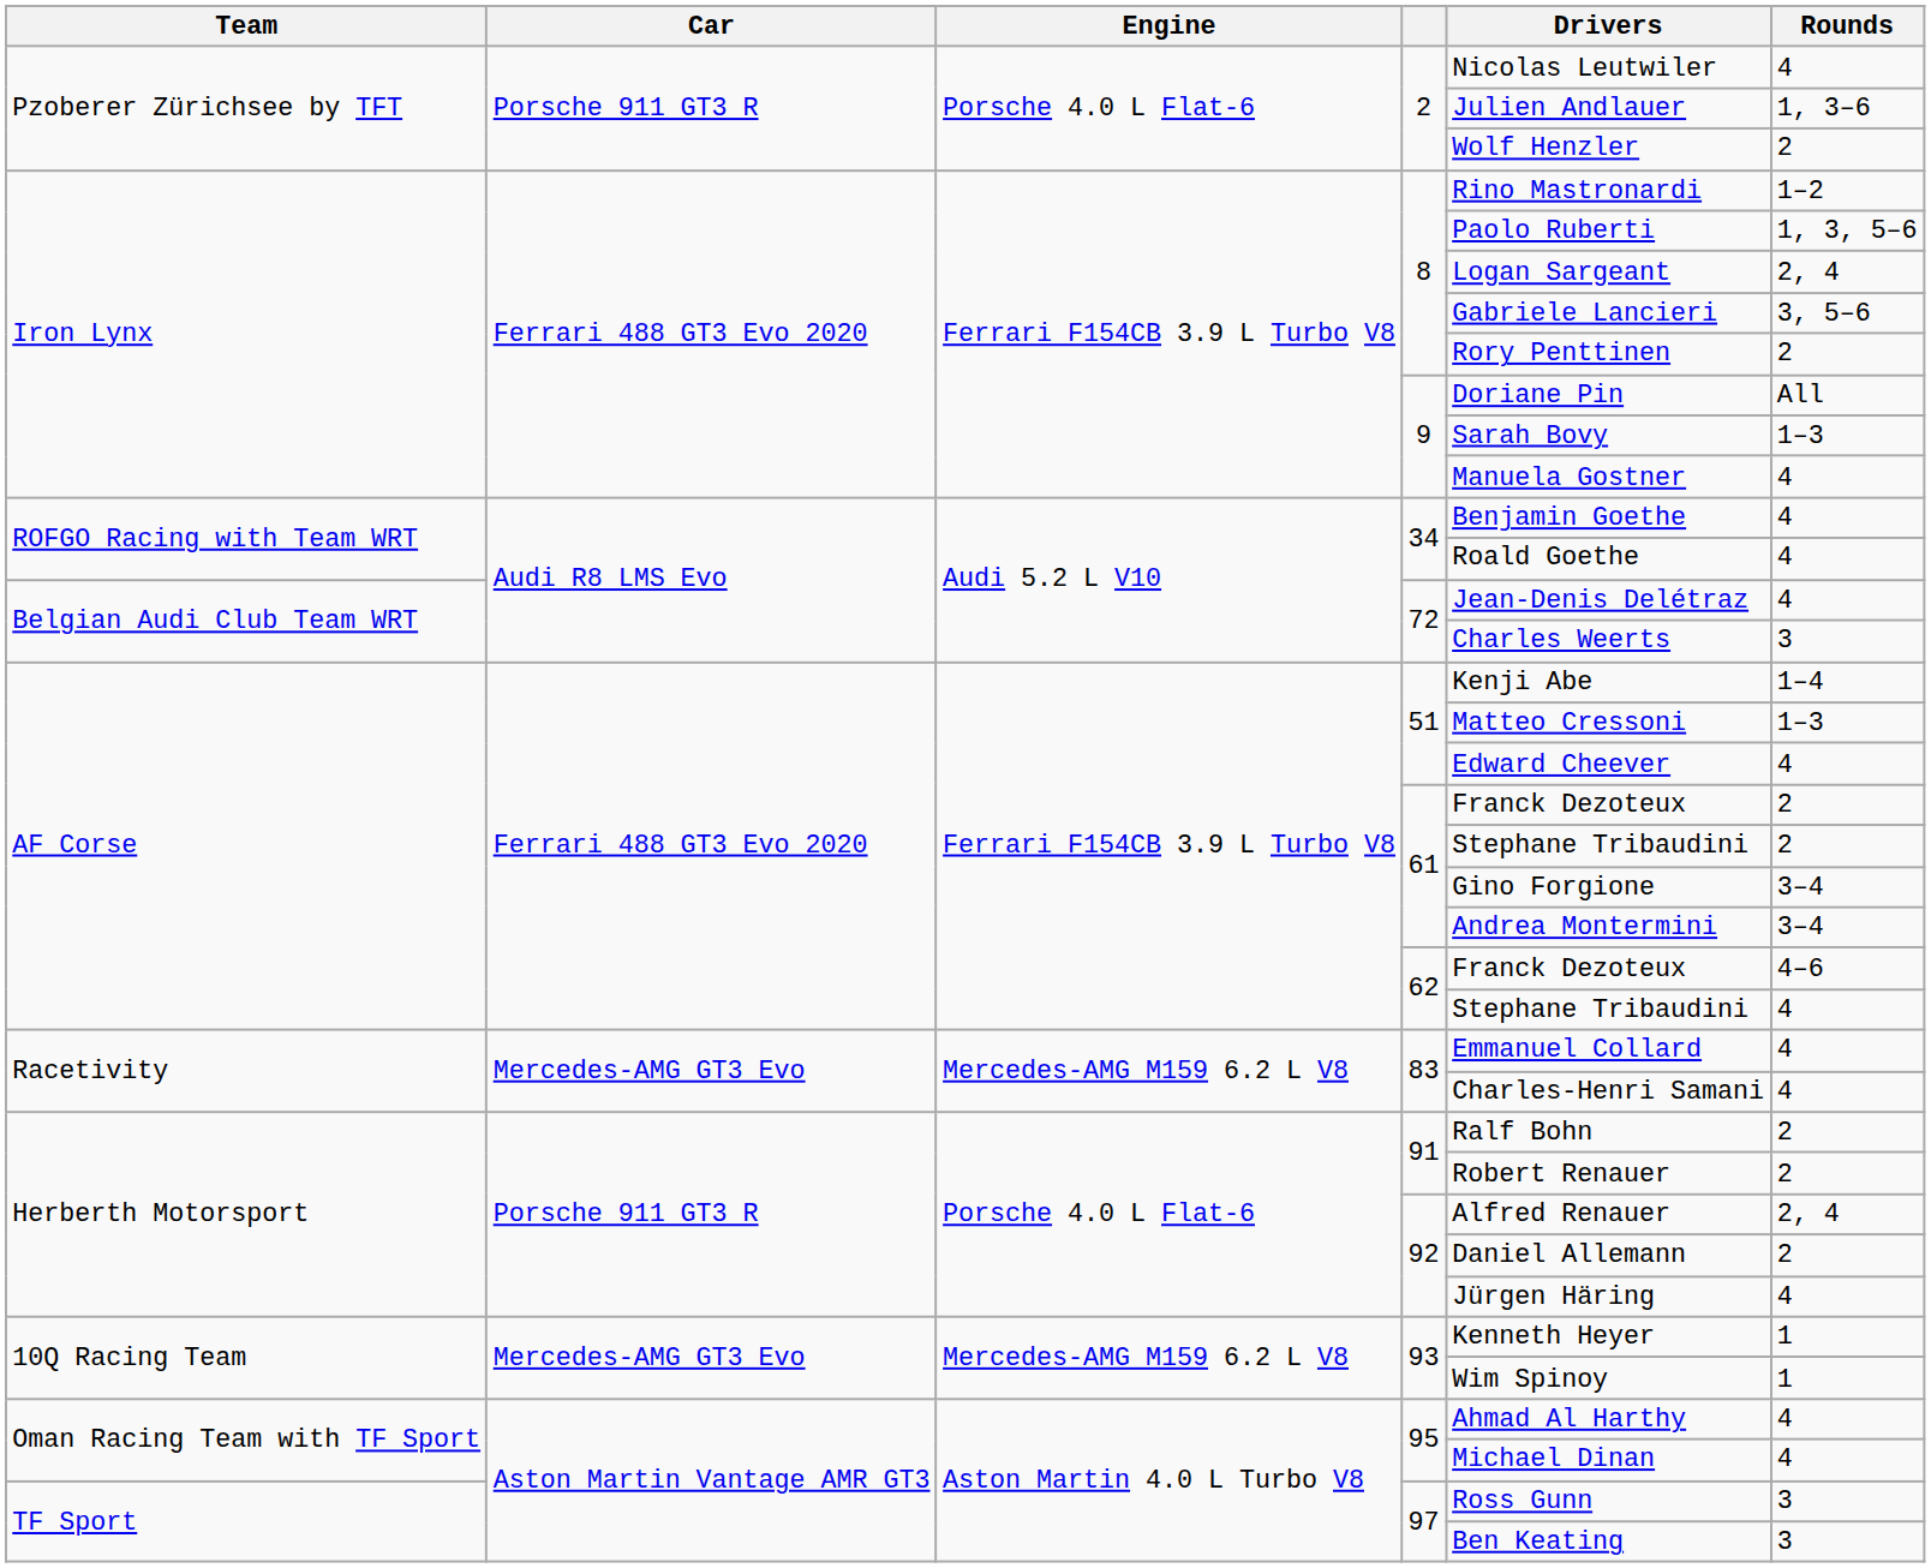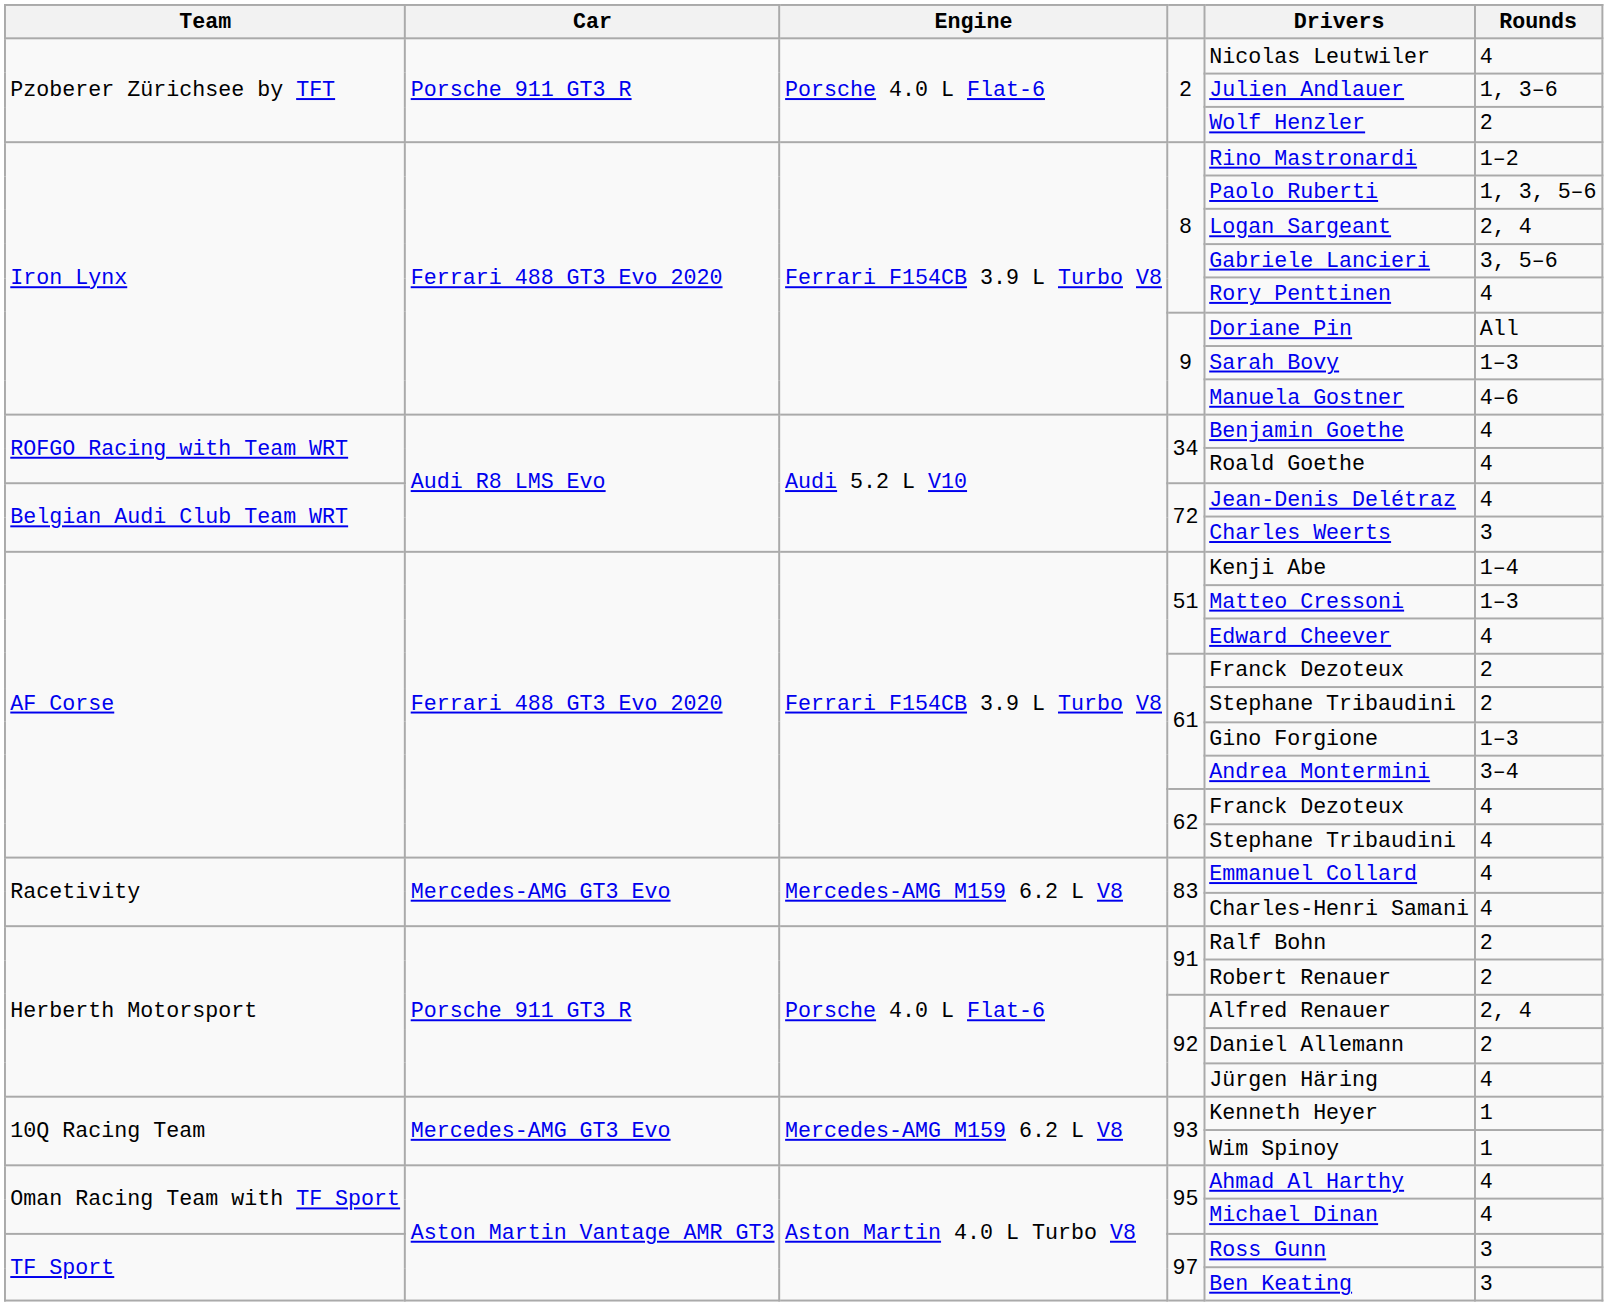 <table class="wikitable" style="font-size:85%;">
 <tr>
 <th>Team</th>
 <th>Car</th>
 <th>Engine</th>
 <th></th>
 <th>Drivers</th>
 <th>Rounds</th>
 </tr>
 <tr>
 <td rowspan="3"> Pzoberer Zürichsee by <a href='#'>TFT</a></td>
 <td rowspan="3"><a href='#'>Porsche 911 GT3 R</a></td>
 <td rowspan="3"><a href='#'>Porsche</a> 4.0 L <a href='#'>Flat-6</a></td>
 <td rowspan="3" align=center>2</td>
 <td> Nicolas Leutwiler</td>
 <td>4</td>
 </tr>
 <tr>
 <td> <a href='#'>Julien Andlauer</a></td>
 <td>1, 3–6</td>
 </tr>
 <tr>
 <td> <a href='#'>Wolf Henzler</a></td>
 <td>2</td>
 </tr>
 <tr>
 <td rowspan="8"> <a href='#'>Iron Lynx</a></td>
 <td rowspan="8"><a href='#'>Ferrari 488 GT3 Evo 2020</a></td>
 <td rowspan="8"><a href='#'>Ferrari F154CB</a> 3.9 L <a href='#'>Turbo</a> <a href='#'>V8</a></td>
 <td rowspan="5" align="center">8</td>
 <td> <a href='#'>Rino Mastronardi</a></td>
 <td>1–2</td>
 </tr>
 <tr>
 <td> <a href='#'>Paolo Ruberti</a></td>
 <td>1, 3, 5–6</td>
 </tr>
 <tr>
 <td> <a href='#'>Logan Sargeant</a></td>
 <td>2, 4</td>
 </tr>
 <tr>
 <td> <a href='#'>Gabriele Lancieri</a></td>
 <td>3, 5–6</td>
 </tr>
 <tr>
 <td> <a href='#'>Rory Penttinen</a></td>
-<td>2</td>
+<td>4</td>
 </tr>
 <tr>
 <td rowspan="3" align="center">9</td>
 <td> <a href='#'>Doriane Pin</a></td>
 <td>All</td>
 </tr>
 <tr>
 <td> <a href='#'>Sarah Bovy</a></td>
 <td>1–3</td>
 </tr>
 <tr>
 <td> <a href='#'>Manuela Gostner</a></td>
-<td>4</td>
+<td>4–6</td>
 </tr>
 <tr>
 <td rowspan="2"> <a href='#'>ROFGO Racing with Team WRT</a></td>
 <td rowspan="4"><a href='#'>Audi R8 LMS Evo</a></td>
 <td rowspan="4"><a href='#'>Audi</a> 5.2 L <a href='#'>V10</a></td>
 <td rowspan="2" align="center">34</td>
 <td> <a href='#'>Benjamin Goethe</a></td>
 <td>4</td>
 </tr>
 <tr>
 <td> Roald Goethe</td>
 <td>4</td>
 </tr>
 <tr>
 <td rowspan="2"> <a href='#'>Belgian Audi Club Team WRT</a></td>
 <td rowspan="2" align="center">72</td>
 <td> <a href='#'>Jean-Denis Delétraz</a></td>
 <td>4</td>
 </tr>
 <tr>
 <td> <a href='#'>Charles Weerts</a></td>
 <td>3</td>
 </tr>
 <tr>
 <td rowspan="9"> <a href='#'>AF Corse</a></td>
 <td rowspan="9"><a href='#'>Ferrari 488 GT3 Evo 2020</a></td>
 <td rowspan="9"><a href='#'>Ferrari F154CB</a> 3.9 L <a href='#'>Turbo</a> <a href='#'>V8</a></td>
 <td rowspan="3" align="center">51</td>
 <td> Kenji Abe</td>
 <td>1–4</td>
 </tr>
 <tr>
 <td> <a href='#'>Matteo Cressoni</a></td>
 <td>1–3</td>
 </tr>
 <tr>
 <td> <a href='#'>Edward Cheever</a></td>
 <td>4</td>
 </tr>
 <tr>
 <td rowspan="4" align="center">61</td>
 <td> Franck Dezoteux</td>
 <td>2</td>
 </tr>
 <tr>
 <td> Stephane Tribaudini</td>
 <td>2</td>
 </tr>
 <tr>
 <td> Gino Forgione</td>
-<td>3–4</td>
+<td>1–3</td>
 </tr>
 <tr>
 <td> <a href='#'>Andrea Montermini</a></td>
 <td>3–4</td>
 </tr>
 <tr>
 <td rowspan="2" align="center">62</td>
 <td> Franck Dezoteux</td>
-<td>4–6</td>
+<td>4</td>
 </tr>
 <tr>
 <td> Stephane Tribaudini</td>
 <td>4</td>
 </tr>
 <tr>
 <td rowspan="2"> Racetivity</td>
 <td rowspan="2"><a href='#'>Mercedes-AMG GT3 Evo</a></td>
 <td rowspan="2"><a href='#'>Mercedes-AMG M159</a> 6.2 L <a href='#'>V8</a></td>
 <td rowspan="2" align="center">83</td>
 <td> <a href='#'>Emmanuel Collard</a></td>
 <td>4</td>
 </tr>
 <tr>
 <td> Charles-Henri Samani</td>
 <td>4</td>
 </tr>
 <tr>
 <td rowspan="5"> Herberth Motorsport</td>
 <td rowspan="5"><a href='#'>Porsche 911 GT3 R</a></td>
 <td rowspan="5"><a href='#'>Porsche</a> 4.0 L <a href='#'>Flat-6</a></td>
 <td rowspan="2" align="center">91</td>
 <td> Ralf Bohn</td>
 <td>2</td>
 </tr>
 <tr>
 <td> Robert Renauer</td>
 <td>2</td>
 </tr>
 <tr>
 <td rowspan="3" align="center">92</td>
 <td> Alfred Renauer</td>
 <td>2, 4</td>
 </tr>
 <tr>
 <td> Daniel Allemann</td>
 <td>2</td>
 </tr>
 <tr>
 <td> Jürgen Häring</td>
 <td>4</td>
 </tr>
 <tr>
 <td rowspan=2> 10Q Racing Team</td>
 <td rowspan=2><a href='#'>Mercedes-AMG GT3 Evo</a></td>
 <td rowspan=2><a href='#'>Mercedes-AMG M159</a> 6.2 L <a href='#'>V8</a></td>
 <td align="center" rowspan=2>93</td>
 <td> Kenneth Heyer</td>
 <td>1</td>
 </tr>
 <tr>
 <td> Wim Spinoy</td>
 <td>1</td>
 </tr>
 <tr>
 <td rowspan="2"> Oman Racing Team with <a href='#'>TF Sport</a></td>
 <td rowspan="4"><a href='#'>Aston Martin Vantage AMR GT3</a></td>
 <td rowspan="4"><a href='#'>Aston Martin</a> 4.0 L Turbo <a href='#'>V8</a></td>
 <td rowspan="2" align="center">95</td>
 <td> <a href='#'>Ahmad Al Harthy</a></td>
 <td>4</td>
 </tr>
 <tr>
 <td> <a href='#'>Michael Dinan</a></td>
 <td>4</td>
 </tr>
 <tr>
 <td rowspan="2"> <a href='#'>TF Sport</a></td>
 <td rowspan="2" align="center">97</td>
 <td> <a href='#'>Ross Gunn</a></td>
 <td>3</td>
 </tr>
 <tr>
 <td> <a href='#'>Ben Keating</a></td>
 <td>3</td>
 </tr>
 </table>
